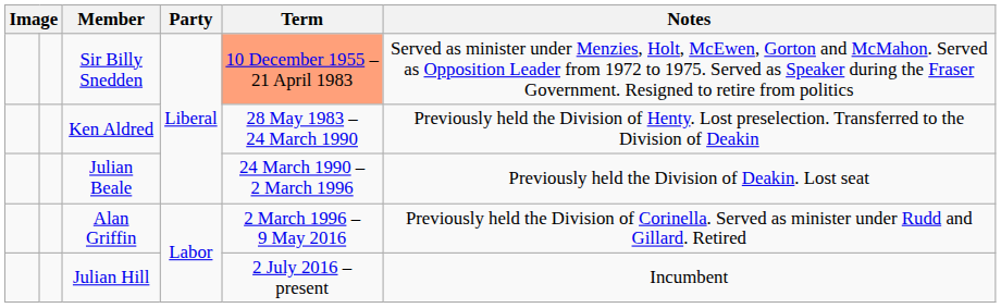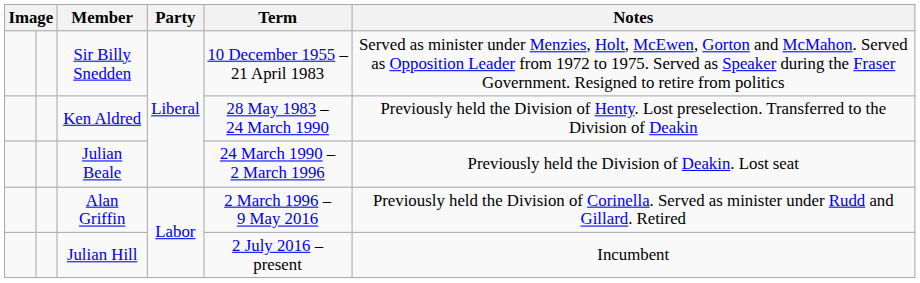 <table class=wikitable style="text-align:center">
 <tr>
 <th colspan=2>Image</th>
 <th>Member</th>
 <th>Party</th>
 <th>Term</th>
 <th>Notes</th>
 </tr>
 <tr>
 <td> </td>
 <td></td>
 <td><a href='#'>Sir Billy Snedden</a><br></td>
 <td rowspan="3"><a href='#'>Liberal</a></td>
-<td nowrap style="background: lightsalmon;"><a href='#'>10 December 1955</a> –<br>21 April 1983</td>
+<td nowrap><a href='#'>10 December 1955</a> –<br>21 April 1983</td>
 <td>Served as minister under <a href='#'>Menzies</a>, <a href='#'>Holt</a>, <a href='#'>McEwen</a>, <a href='#'>Gorton</a> and <a href='#'>McMahon</a>. Served as <a href='#'>Opposition Leader</a> from 1972 to 1975. Served as <a href='#'>Speaker</a> during the <a href='#'>Fraser</a> Government. Resigned to retire from politics</td>
 </tr>
 <tr>
 <td> </td>
 <td></td>
 <td><a href='#'>Ken Aldred</a><br></td>
 <td nowrap><a href='#'>28 May 1983</a> –<br><a href='#'>24 March 1990</a></td>
 <td>Previously held the Division of <a href='#'>Henty</a>. Lost preselection. Transferred to the Division of <a href='#'>Deakin</a></td>
 </tr>
 <tr>
 <td> </td>
 <td></td>
 <td><a href='#'>Julian Beale</a><br></td>
 <td nowrap><a href='#'>24 March 1990</a> –<br><a href='#'>2 March 1996</a></td>
 <td>Previously held the Division of <a href='#'>Deakin</a>. Lost seat</td>
 </tr>
 <tr>
 <td> </td>
 <td></td>
 <td><a href='#'>Alan Griffin</a><br></td>
 <td rowspan="2"><a href='#'>Labor</a></td>
 <td nowrap><a href='#'>2 March 1996</a> –<br><a href='#'>9 May 2016</a></td>
 <td>Previously held the Division of <a href='#'>Corinella</a>. Served as minister under <a href='#'>Rudd</a> and <a href='#'>Gillard</a>. Retired</td>
 </tr>
 <tr>
 <td> </td>
 <td></td>
 <td><a href='#'>Julian Hill</a><br></td>
 <td nowrap><a href='#'>2 July 2016</a> –<br>present</td>
 <td>Incumbent</td>
 </tr>
 </table>
